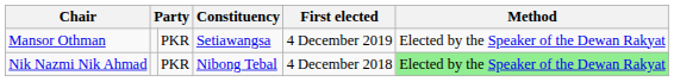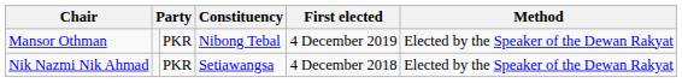 <table class="wikitable">
 <tr>
 <th>Chair</th>
 <th colspan="2">Party</th>
 <th>Constituency</th>
 <th>First elected</th>
 <th>Method</th>
 </tr>
 <tr>
 <td><a href='#'>Mansor Othman</a> </td>
 <td style="background-color: "></td>
 <td>PKR</td>
-<td><a href='#'>Setiawangsa</a></td>
+<td><a href='#'>Nibong Tebal</a></td>
 <td>4 December 2019</td>
 <td>Elected by the <a href='#'>Speaker of the Dewan Rakyat</a></td>
 </tr>
 <tr>
 <td><a href='#'>Nik Nazmi Nik Ahmad</a> </td>
 <td style="background-color: "></td>
 <td>PKR</td>
-<td><a href='#'>Nibong Tebal</a></td>
+<td><a href='#'>Setiawangsa</a></td>
 <td>4 December 2018</td>
-<td style="background: lightgreen;">Elected by the <a href='#'>Speaker of the Dewan Rakyat</a></td>
+<td>Elected by the <a href='#'>Speaker of the Dewan Rakyat</a></td>
 </tr>
 </table>
